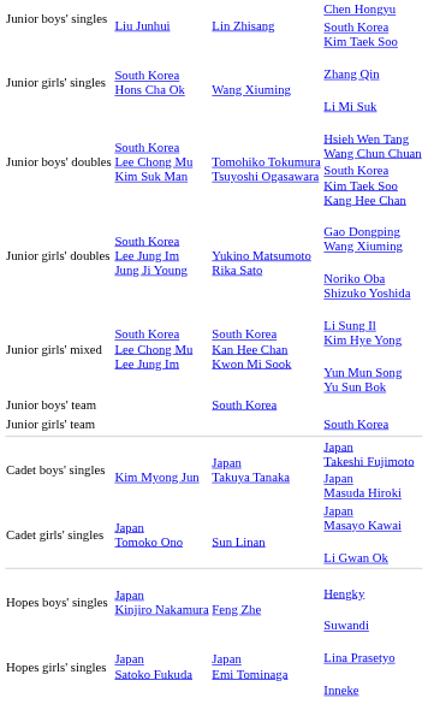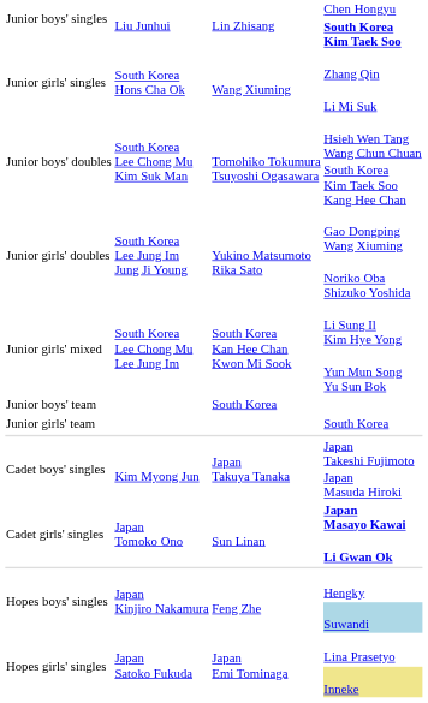 <table>
 <tr>
 <td rowspan=2>Junior boys' singles</td>
 <td rowspan=2><br><a href='#'>Liu Junhui</a></td>
 <td rowspan=2><br><a href='#'>Lin Zhisang</a></td>
 <td><br><a href='#'>Chen Hongyu</a></td>
 </tr>
 <tr>
-<td> <a href='#'>South Korea</a><br><a href='#'>Kim Taek Soo</a></td>
+<td><strong> <a href='#'>South Korea</a><br><a href='#'>Kim Taek Soo</a></strong></td>
 </tr>
 <tr>
 <td rowspan=2>Junior girls' singles</td>
 <td rowspan=2> <a href='#'>South Korea</a><br><a href='#'>Hons Cha Ok</a></td>
 <td rowspan=2><br><a href='#'>Wang Xiuming</a></td>
 <td><br><a href='#'>Zhang Qin</a></td>
 </tr>
 <tr>
 <td><br><a href='#'>Li Mi Suk</a></td>
 </tr>
 <tr>
 <td rowspan=2>Junior boys' doubles</td>
 <td rowspan=2> <a href='#'>South Korea</a><br><a href='#'>Lee Chong Mu</a><br><a href='#'>Kim Suk Man</a></td>
 <td rowspan=2><br><a href='#'>Tomohiko Tokumura</a><br><a href='#'>Tsuyoshi Ogasawara</a></td>
 <td><br><a href='#'>Hsieh Wen Tang</a><br><a href='#'>Wang Chun Chuan</a></td>
 </tr>
 <tr>
 <td> <a href='#'>South Korea</a><br><a href='#'>Kim Taek Soo</a><br><a href='#'>Kang Hee Chan</a></td>
 </tr>
 <tr>
 <td rowspan=2>Junior girls' doubles</td>
 <td rowspan=2> <a href='#'>South Korea</a><br><a href='#'>Lee Jung Im</a><br><a href='#'>Jung Ji Young</a></td>
 <td rowspan=2><br><a href='#'>Yukino Matsumoto</a><br><a href='#'>Rika Sato</a></td>
 <td><br><a href='#'>Gao Dongping</a><br><a href='#'>Wang Xiuming</a></td>
 </tr>
 <tr>
 <td><br><a href='#'>Noriko Oba</a><br><a href='#'>Shizuko Yoshida</a></td>
 </tr>
 <tr>
 <td rowspan=2>Junior girls' mixed</td>
 <td rowspan=2> <a href='#'>South Korea</a><br><a href='#'>Lee Chong Mu</a><br><a href='#'>Lee Jung Im</a></td>
 <td rowspan=2> <a href='#'>South Korea</a><br><a href='#'>Kan Hee Chan</a><br><a href='#'>Kwon Mi Sook</a></td>
 <td><br><a href='#'>Li Sung Il</a><br><a href='#'>Kim Hye Yong</a></td>
 </tr>
 <tr>
 <td><br><a href='#'>Yun Mun Song</a><br><a href='#'>Yu Sun Bok</a></td>
 </tr>
 <tr>
 <td rowspan=1>Junior boys' team</td>
 <td rowspan=1></td>
 <td rowspan=1> <a href='#'>South Korea</a></td>
 <td></td>
 </tr>
 <tr>
 </tr>
 <tr>
 <td rowspan=1>Junior girls' team</td>
 <td rowspan=1></td>
 <td rowspan=1></td>
 <td> <a href='#'>South Korea</a></td>
 </tr>
 <tr>
 </tr>
 <tr style="background:#dddddd;">
 <td colspan=7></td>
 </tr>
 <tr>
 <td rowspan=2>Cadet boys' singles</td>
 <td rowspan=2><br><a href='#'>Kim Myong Jun</a></td>
 <td rowspan=2> <a href='#'>Japan</a><br><a href='#'>Takuya Tanaka</a></td>
 <td> <a href='#'>Japan</a><br><a href='#'>Takeshi Fujimoto</a></td>
 </tr>
 <tr>
 <td> <a href='#'>Japan</a><br><a href='#'>Masuda Hiroki</a></td>
 </tr>
 <tr>
 <td rowspan=2>Cadet girls' singles</td>
 <td rowspan=2> <a href='#'>Japan</a><br><a href='#'>Tomoko Ono</a></td>
 <td rowspan=2><br><a href='#'>Sun Linan</a></td>
-<td> <a href='#'>Japan</a><br><a href='#'>Masayo Kawai</a></td>
+<td><strong> <a href='#'>Japan</a><br><a href='#'>Masayo Kawai</a></strong></td>
 </tr>
 <tr>
-<td><br><a href='#'>Li Gwan Ok</a></td>
+<td><strong><br><a href='#'>Li Gwan Ok</a></strong></td>
 </tr>
 <tr style="background:#dddddd;">
 <td colspan=7></td>
 </tr>
 <tr>
 <td rowspan=2>Hopes boys' singles</td>
 <td rowspan=2> <a href='#'>Japan</a><br><a href='#'>Kinjiro Nakamura</a></td>
 <td rowspan=2><br><a href='#'>Feng Zhe</a></td>
 <td><br><a href='#'>Hengky</a></td>
 </tr>
 <tr>
-<td><br><a href='#'>Suwandi</a></td>
+<td style="background: lightblue;"><br><a href='#'>Suwandi</a></td>
 </tr>
 <tr>
 <td rowspan=2>Hopes girls' singles</td>
 <td rowspan=2> <a href='#'>Japan</a><br><a href='#'>Satoko Fukuda</a></td>
 <td rowspan=2> <a href='#'>Japan</a><br><a href='#'>Emi Tominaga</a></td>
 <td><br><a href='#'>Lina Prasetyo</a></td>
 </tr>
 <tr>
-<td><br><a href='#'>Inneke</a></td>
+<td style="background: khaki;"><br><a href='#'>Inneke</a></td>
 </tr>
 <tr>
 </tr>
 </table>
